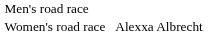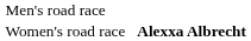 <table>
 <tr>
 <td>Men's road race</td>
 <td nowrap></td>
 <td nowrap></td>
 <td></td>
 </tr>
 <tr>
 <td>Women's road race</td>
 <td></td>
 <td></td>
-<td nowrap>Alexxa Albrecht<br></td>
+<td nowrap><strong>Alexxa Albrecht<br></strong></td>
 </tr>
 </table>
